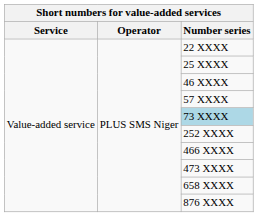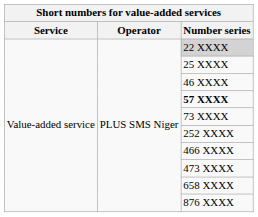 <table class="wikitable" border=1>
 <tr>
 <th colspan="3">Short numbers for value-added services</th>
 </tr>
 <tr>
 <th>Service</th>
 <th>Operator</th>
 <th>Number series</th>
 </tr>
 <tr>
 <td rowspan="10">Value-added service</td>
 <td rowspan="10">PLUS SMS Niger</td>
-<td>22 XXXX</td>
+<td style="background: lightgrey;">22 XXXX</td>
 </tr>
 <tr>
 <td>25 XXXX</td>
 </tr>
 <tr>
 <td>46 XXXX</td>
 </tr>
 <tr>
-<td>57 XXXX</td>
+<td><strong>57 XXXX</strong></td>
 </tr>
 <tr>
-<td style="background: lightblue;">73 XXXX</td>
+<td>73 XXXX</td>
 </tr>
 <tr>
 <td>252 XXXX</td>
 </tr>
 <tr>
 <td>466 XXXX</td>
 </tr>
 <tr>
 <td>473 XXXX</td>
 </tr>
 <tr>
 <td>658 XXXX</td>
 </tr>
 <tr>
 <td>876 XXXX</td>
 </tr>
 </table>
